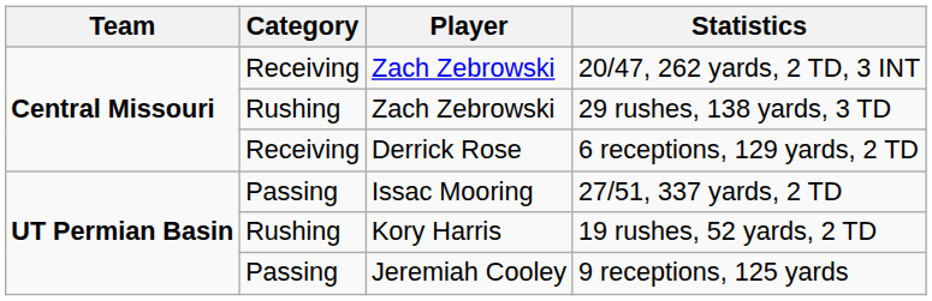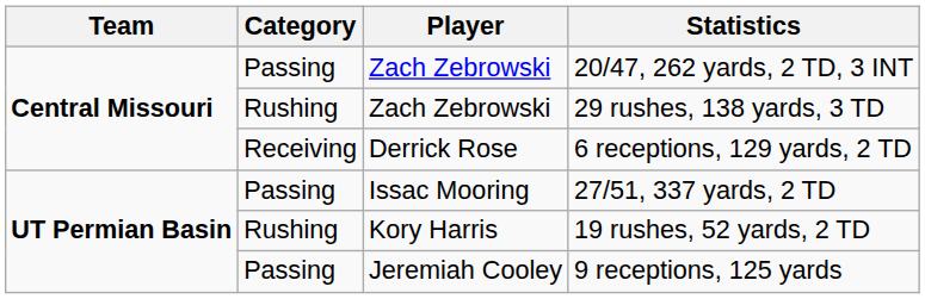 <table class="wikitable" style="float: right;">
 <tr>
 <th>Team</th>
 <th>Category</th>
 <th>Player</th>
 <th>Statistics</th>
 </tr>
 <tr>
 <td rowspan=3><strong>Central Missouri</strong></td>
-<td>Receiving</td>
+<td>Passing</td>
 <td><a href='#'>Zach Zebrowski</a></td>
 <td>20/47, 262 yards, 2 TD, 3 INT</td>
 </tr>
 <tr>
 <td>Rushing</td>
 <td>Zach Zebrowski</td>
 <td>29 rushes, 138 yards, 3 TD</td>
 </tr>
 <tr>
 <td>Receiving</td>
 <td>Derrick Rose</td>
 <td>6 receptions, 129 yards, 2 TD</td>
 </tr>
 <tr>
 <td rowspan=3><strong>UT Permian Basin</strong></td>
 <td>Passing</td>
 <td>Issac Mooring</td>
 <td>27/51, 337 yards, 2 TD</td>
 </tr>
 <tr>
 <td>Rushing</td>
 <td>Kory Harris</td>
 <td>19 rushes, 52 yards, 2 TD</td>
 </tr>
 <tr>
 <td>Passing</td>
 <td>Jeremiah Cooley</td>
 <td>9 receptions, 125 yards</td>
 </tr>
 </table>
